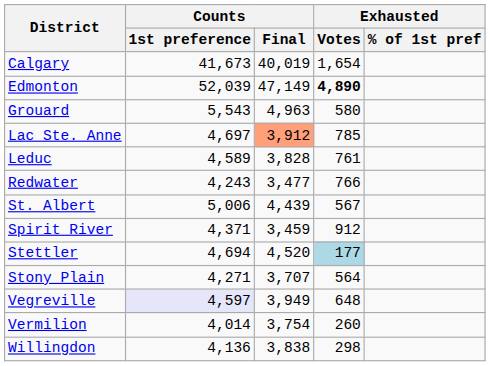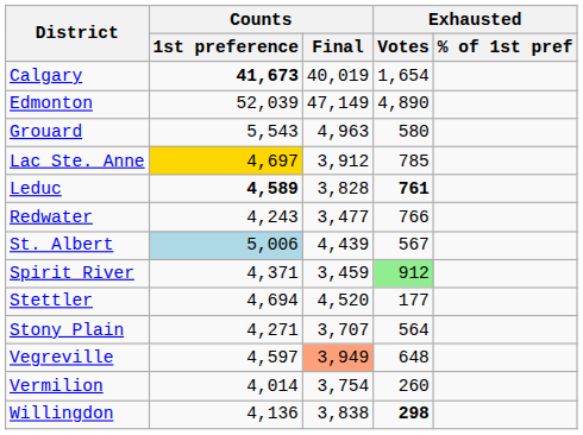 <table class="wikitable" style="text-align:right;">
 <tr>
 <th rowspan="2">District</th>
 <th colspan="2">Counts</th>
 <th colspan="3">Exhausted</th>
 </tr>
 <tr>
 <th>1st preference</th>
 <th>Final</th>
 <th>Votes</th>
 <th colspan="2">% of 1st pref</th>
 </tr>
 <tr>
 <td style="text-align:left;"><a href='#'>Calgary</a></td>
-<td>41,673</td>
+<td><strong>41,673</strong></td>
 <td>40,019</td>
 <td>1,654</td>
 <td></td>
 </tr>
 <tr>
 <td style="text-align:left;"><a href='#'>Edmonton</a></td>
 <td>52,039</td>
 <td>47,149</td>
-<td><strong>4,890</strong></td>
+<td>4,890</td>
 <td></td>
 </tr>
 <tr>
 <td style="text-align:left;"><a href='#'>Grouard</a></td>
 <td>5,543</td>
 <td>4,963</td>
 <td>580</td>
 <td></td>
 </tr>
 <tr>
 <td style="text-align:left;"><a href='#'>Lac Ste. Anne</a></td>
-<td>4,697</td>
-<td style="background: lightsalmon;">3,912</td>
+<td style="background: gold;">4,697</td>
+<td>3,912</td>
 <td>785</td>
 <td></td>
 </tr>
 <tr>
 <td style="text-align:left;"><a href='#'>Leduc</a></td>
-<td>4,589</td>
+<td><strong>4,589</strong></td>
 <td>3,828</td>
-<td>761</td>
+<td><strong>761</strong></td>
 <td></td>
 </tr>
 <tr>
 <td style="text-align:left;"><a href='#'>Redwater</a></td>
 <td>4,243</td>
 <td>3,477</td>
 <td>766</td>
 <td></td>
 </tr>
 <tr>
 <td style="text-align:left;"><a href='#'>St. Albert</a></td>
-<td>5,006</td>
+<td style="background: lightblue;">5,006</td>
 <td>4,439</td>
 <td>567</td>
 <td></td>
 </tr>
 <tr>
 <td style="text-align:left;"><a href='#'>Spirit River</a></td>
 <td>4,371</td>
 <td>3,459</td>
-<td>912</td>
+<td style="background: lightgreen;">912</td>
 <td></td>
 </tr>
 <tr>
 <td style="text-align:left;"><a href='#'>Stettler</a></td>
 <td>4,694</td>
 <td>4,520</td>
-<td style="background: lightblue;">177</td>
+<td>177</td>
 <td></td>
 </tr>
 <tr>
 <td style="text-align:left;"><a href='#'>Stony Plain</a></td>
 <td>4,271</td>
 <td>3,707</td>
 <td>564</td>
 <td></td>
 </tr>
 <tr>
 <td style="text-align:left;"><a href='#'>Vegreville</a></td>
-<td style="background: lavender;">4,597</td>
-<td>3,949</td>
+<td>4,597</td>
+<td style="background: lightsalmon;">3,949</td>
 <td>648</td>
 <td></td>
 </tr>
 <tr>
 <td style="text-align:left;"><a href='#'>Vermilion</a></td>
 <td>4,014</td>
 <td>3,754</td>
 <td>260</td>
 <td></td>
 </tr>
 <tr>
 <td style="text-align:left;"><a href='#'>Willingdon</a></td>
 <td>4,136</td>
 <td>3,838</td>
-<td>298</td>
+<td><strong>298</strong></td>
 <td></td>
 </tr>
 </table>
